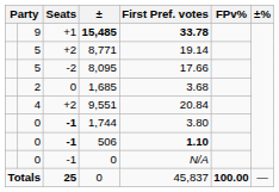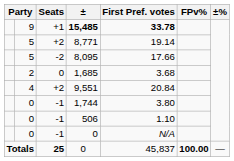 <table class=wikitable>
 <tr>
 <th colspan=2 align=center>Party</th>
 <th valign=top>Seats</th>
 <th valign=top>±</th>
 <th valign=top>First Pref. votes</th>
 <th valign=top>FPv%</th>
 <th valign=top>±%</th>
 </tr>
 <tr>
 <td></td>
 <td align=right>9</td>
 <td align=right>+1</td>
 <td align=right><strong>15,485</strong></td>
 <td align=right><strong>33.78</strong></td>
 <td align=right></td>
 </tr>
 <tr>
 <td></td>
 <td align=right>5</td>
 <td align=right>+2</td>
 <td align=right>8,771</td>
 <td align=right>19.14</td>
 <td align=right></td>
 </tr>
 <tr>
 <td></td>
 <td align=right>5</td>
 <td align=right>-2</td>
 <td align=right>8,095</td>
 <td align=right>17.66</td>
 <td align=right></td>
 </tr>
 <tr>
 <td></td>
 <td align=right>2</td>
 <td align=right>0</td>
 <td align=right>1,685</td>
 <td align=right>3.68</td>
 <td align=right></td>
 </tr>
 <tr>
 <td></td>
 <td align=right>4</td>
 <td align=right>+2</td>
 <td align=right>9,551</td>
 <td align=right>20.84</td>
 <td align=right></td>
 </tr>
 <tr>
 <td></td>
 <td align=right>0</td>
-<td align=right><strong>-1</strong></td>
+<td align=right>-1</td>
 <td align=right>1,744</td>
 <td align=right>3.80</td>
 <td align=right></td>
 </tr>
 <tr>
 <td></td>
 <td align=right>0</td>
-<td align=right><strong>-1</strong></td>
+<td align=right>-1</td>
 <td align=right>506</td>
-<td align=right><strong>1.10</strong></td>
+<td align=right>1.10</td>
 <td align=right></td>
 </tr>
 <tr>
 <td></td>
 <td align=right>0</td>
 <td align=right>-1</td>
 <td align=right>0</td>
 <td align=right><em>N/A</em></td>
 <td align=right></td>
 </tr>
 <tr>
 <td colspan=2 align=center><strong>Totals</strong></td>
 <td align=right><strong>25</strong></td>
 <td align=center>0</td>
 <td align=right>45,837</td>
 <td align=center><strong>100.00</strong></td>
 <td align=center>—</td>
 </tr>
 </table>
